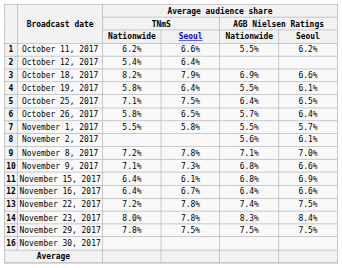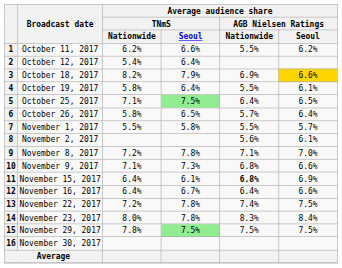 <table class="wikitable" style="text-align:center;">
 <tr>
 <th rowspan="3"></th>
 <th rowspan="3">Broadcast date</th>
 <th colspan="4">Average audience share</th>
 </tr>
 <tr>
 <th colspan="2">TNmS</th>
 <th colspan="2">AGB Nielsen Ratings</th>
 </tr>
 <tr>
 <th width="90">Nationwide</th>
 <th width="90"><a href='#'>Seoul</a></th>
 <th width="90">Nationwide</th>
 <th width="90">Seoul</th>
 </tr>
 <tr>
 <th>1</th>
 <td>October 11, 2017</td>
 <td>6.2% </td>
 <td>6.6% </td>
 <td>5.5% </td>
 <td>6.2% </td>
 </tr>
 <tr>
 <th>2</th>
 <td>October 12, 2017</td>
 <td>5.4% </td>
 <td>6.4% </td>
 <td> </td>
 <td> </td>
 </tr>
 <tr>
 <th>3</th>
 <td>October 18, 2017</td>
 <td>8.2% </td>
 <td>7.9% </td>
 <td>6.9% </td>
-<td>6.6% </td>
+<td style="background: gold;">6.6% </td>
 </tr>
 <tr>
 <th>4</th>
 <td>October 19, 2017</td>
 <td>5.8% </td>
 <td>6.4% </td>
 <td>5.5% </td>
 <td>6.1% </td>
 </tr>
 <tr>
 <th>5</th>
 <td>October 25, 2017</td>
 <td>7.1% </td>
-<td>7.5% </td>
+<td style="background: lightgreen;">7.5% </td>
 <td>6.4% </td>
 <td>6.5% </td>
 </tr>
 <tr>
 <th>6</th>
 <td>October 26, 2017</td>
 <td>5.8% </td>
 <td>6.5% </td>
 <td>5.7% </td>
 <td>6.4% </td>
 </tr>
 <tr>
 <th>7</th>
 <td>November 1, 2017</td>
 <td>5.5% </td>
 <td>5.8% </td>
 <td>5.5% </td>
 <td>5.7% </td>
 </tr>
 <tr>
 <th>8</th>
 <td>November 2, 2017</td>
 <td> </td>
 <td> </td>
 <td>5.6% </td>
 <td>6.1% </td>
 </tr>
 <tr>
 <th>9</th>
 <td>November 8, 2017</td>
 <td>7.2% </td>
 <td>7.8% </td>
 <td>7.1% </td>
 <td>7.0% </td>
 </tr>
 <tr>
 <th>10</th>
 <td>November 9, 2017</td>
 <td>7.1% </td>
 <td>7.3% </td>
 <td>6.8% </td>
 <td>6.6% </td>
 </tr>
 <tr>
 <th>11</th>
 <td>November 15, 2017</td>
 <td>6.4% </td>
 <td>6.1% </td>
-<td>6.8% </td>
+<td><strong>6.8% </strong></td>
 <td>6.9% </td>
 </tr>
 <tr>
 <th>12</th>
 <td>November 16, 2017</td>
 <td>6.4% </td>
 <td>6.7% </td>
 <td>6.4% </td>
 <td>6.6% </td>
 </tr>
 <tr>
 <th>13</th>
 <td>November 22, 2017</td>
 <td>7.2% </td>
 <td>7.8% </td>
 <td>7.4% </td>
 <td>7.5% </td>
 </tr>
 <tr>
 <th>14</th>
 <td>November 23, 2017</td>
 <td>8.0% </td>
 <td>7.8% </td>
 <td>8.3% </td>
 <td>8.4% </td>
 </tr>
 <tr>
 <th>15</th>
 <td>November 29, 2017</td>
 <td>7.8% </td>
-<td>7.5% </td>
+<td style="background: lightgreen;">7.5% </td>
 <td>7.5% </td>
 <td>7.5% </td>
 </tr>
 <tr>
 <th>16</th>
 <td>November 30, 2017</td>
 <td> </td>
 <td> </td>
 <td> </td>
 <td> </td>
 </tr>
 <tr>
 <th colspan="2">Average</th>
 <th></th>
 <th></th>
 <th></th>
 <th></th>
 </tr>
 <tr>
 </tr>
 </table>
